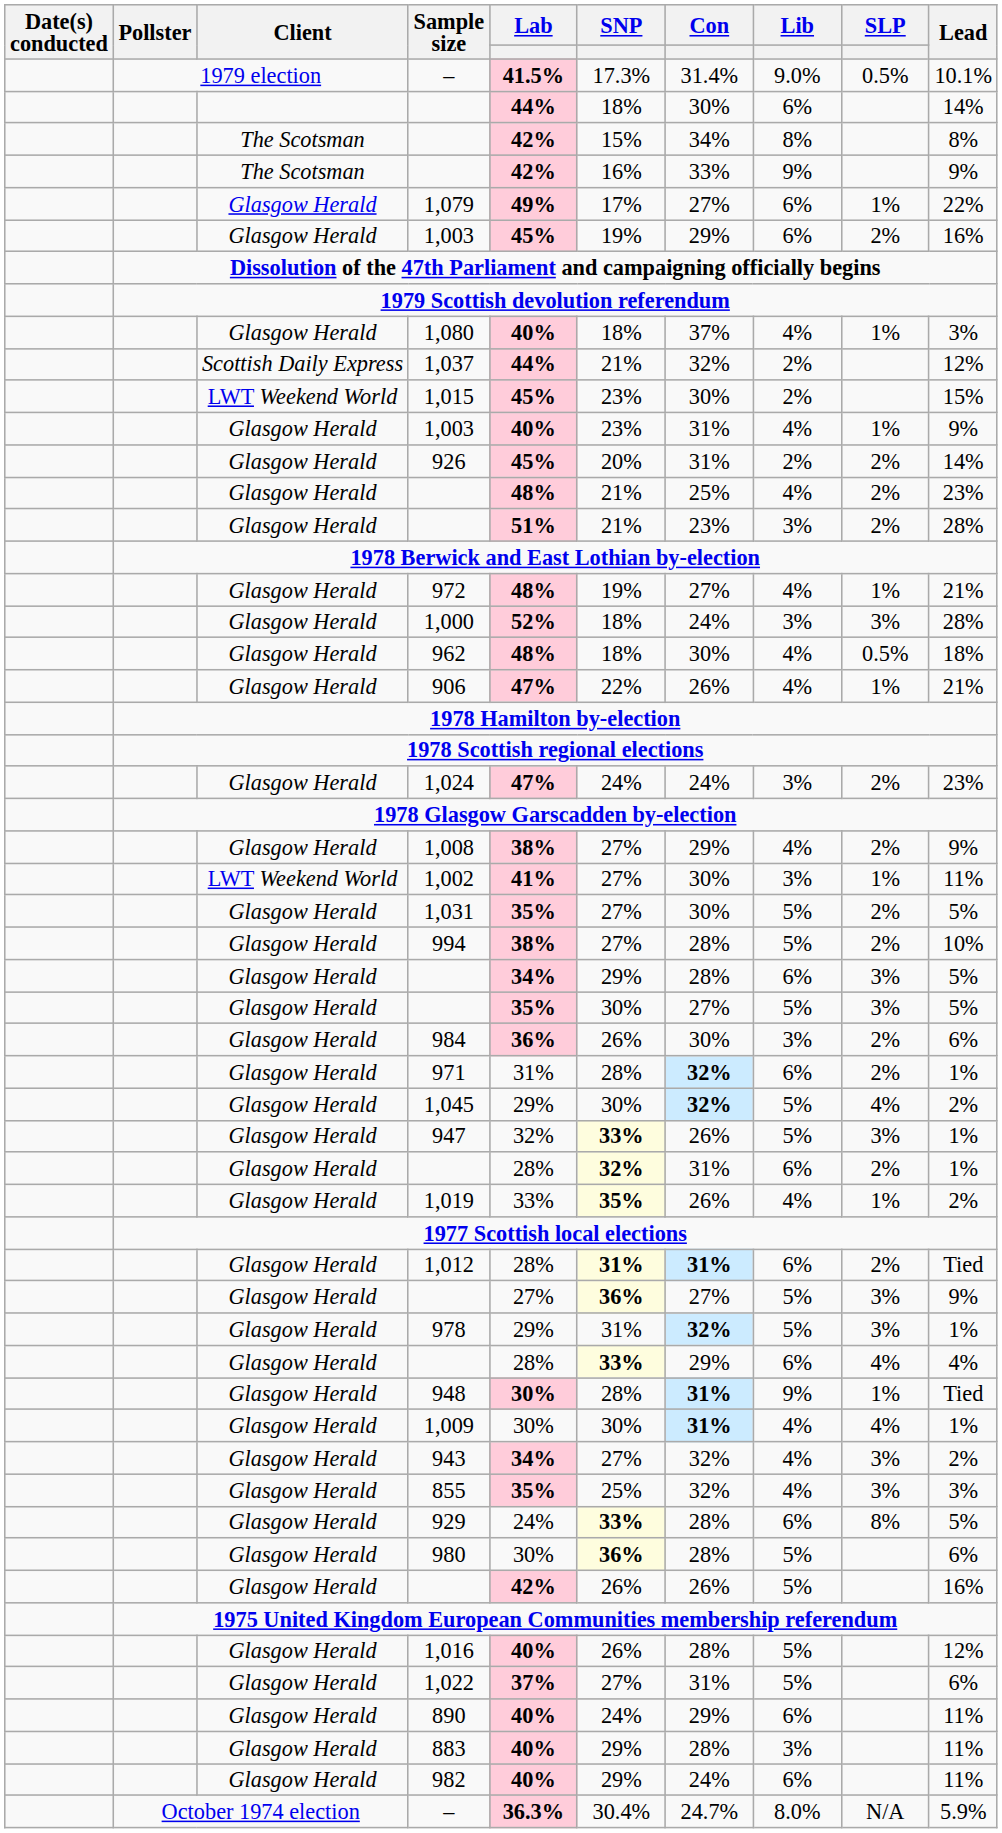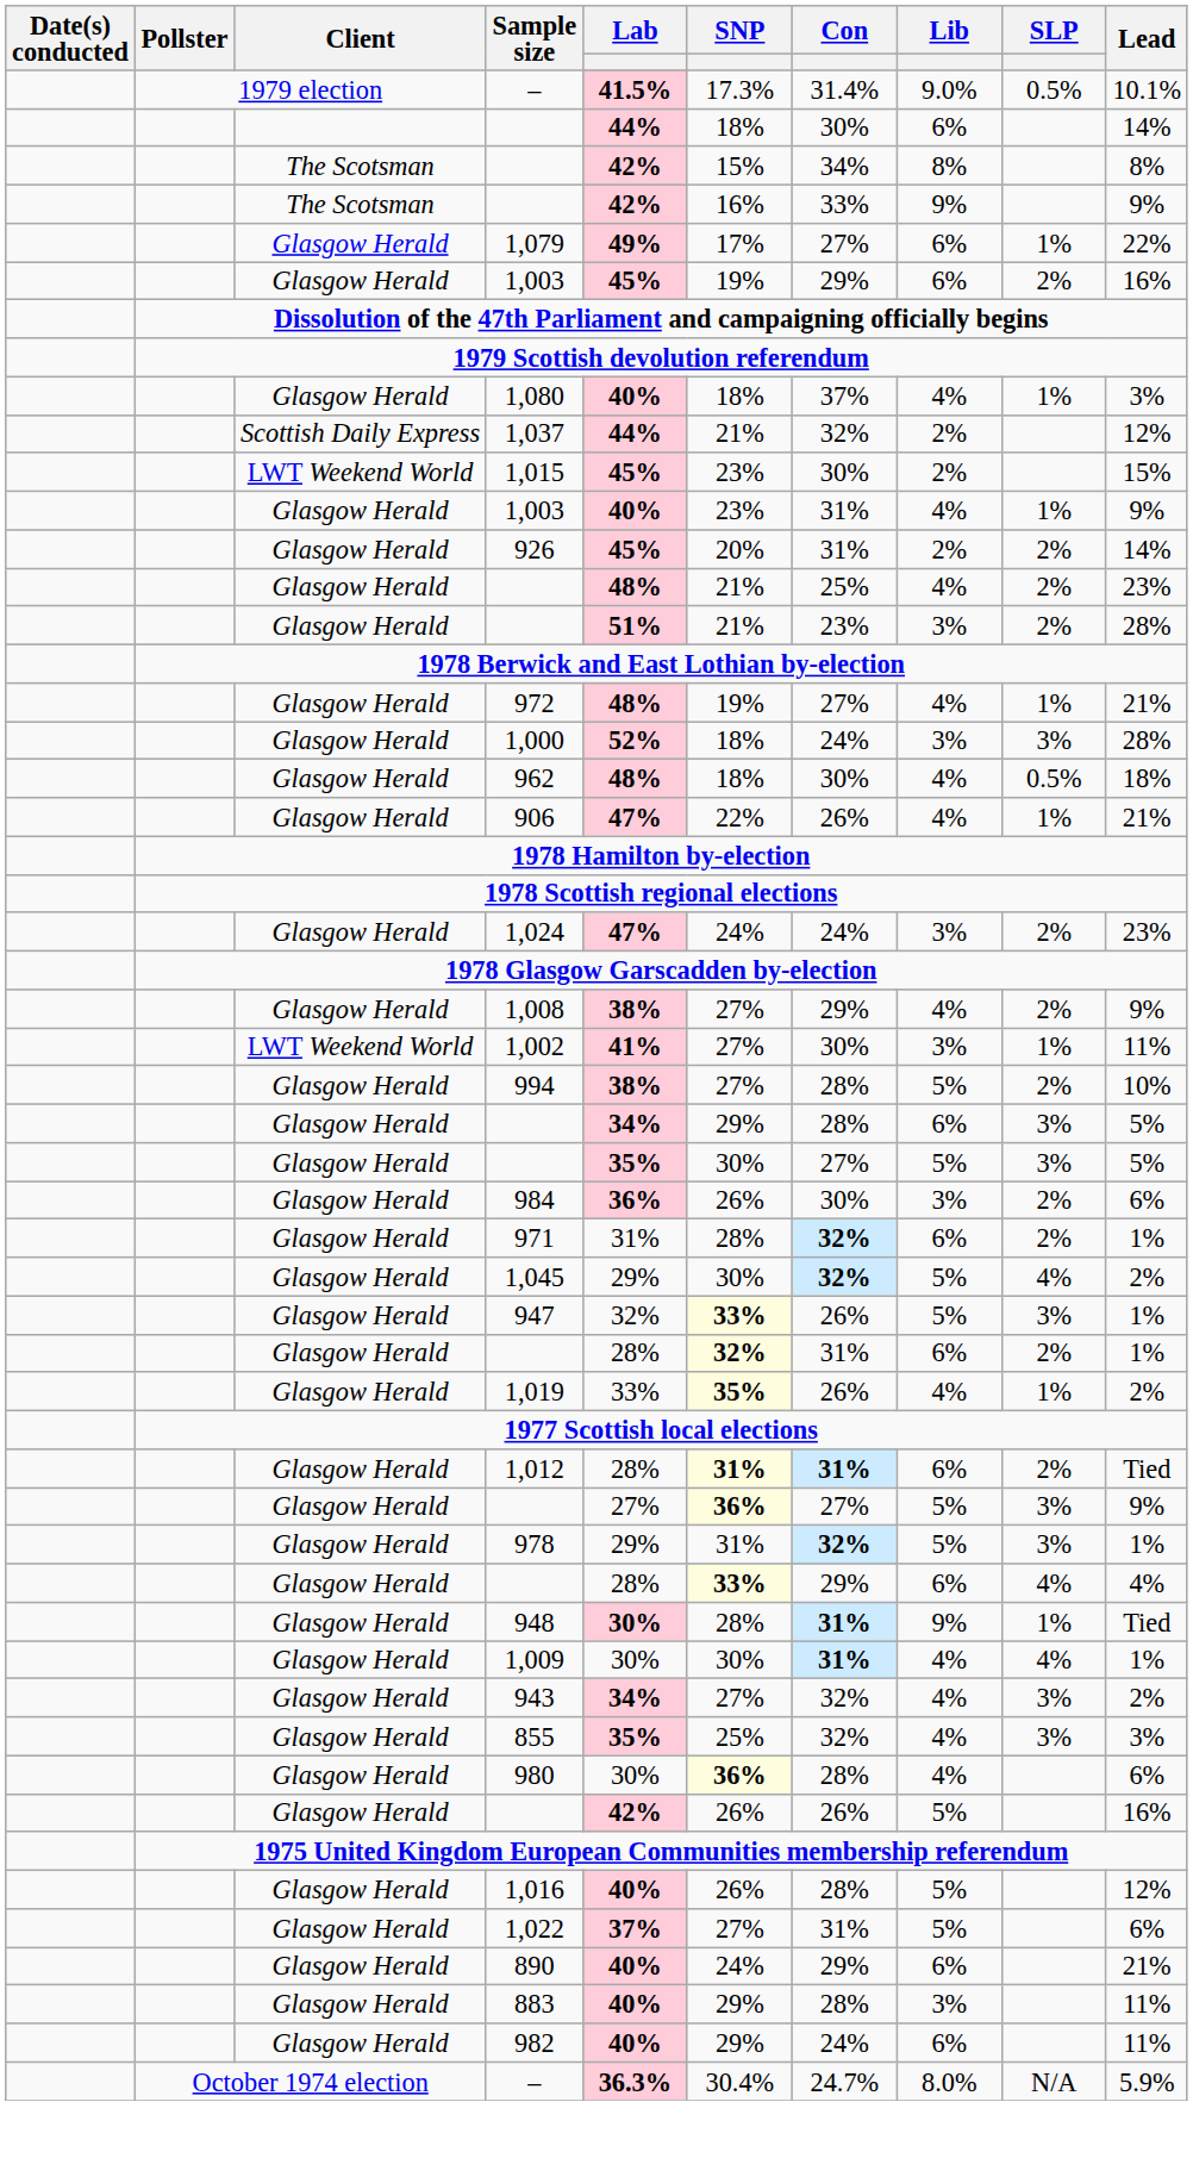 <table class="wikitable sortable mw-datatable" style="text-align:center;font-size:90%;line-height:14px;">
 <tr>
 <th rowspan="2">Date(s)<br>conducted</th>
 <th rowspan="2">Pollster</th>
 <th rowspan="2">Client</th>
 <th rowspan="2" data-sort-type="number">Sample<br>size</th>
 <th class="unsortable" style="width:50px;"><a href='#'>Lab</a></th>
 <th class="unsortable" style="width:50px;"><a href='#'>SNP</a></th>
 <th class="unsortable" style="width:50px;"><a href='#'>Con</a></th>
 <th class="unsortable" style="width:50px;"><a href='#'>Lib</a></th>
 <th class="unsortable" style="width:50px;"><a href='#'>SLP</a></th>
 <th rowspan="2" data-sort-type="number">Lead</th>
 </tr>
 <tr>
 <th data-sort-type="number" style="background:"></th>
 <th data-sort-type="number" style="background:"></th>
 <th data-sort-type="number" style="background:"></th>
 <th data-sort-type="number" style="background:"></th>
 <th data-sort-type="number" style="background:"></th>
 </tr>
 <tr>
 <td></td>
 <td colspan = "2"><a href='#'>1979 election</a></td>
 <td>–</td>
 <td style="background:#FFCCDA;"><strong>41.5%</strong></td>
 <td>17.3%</td>
 <td>31.4%</td>
 <td>9.0%</td>
 <td>0.5%</td>
 <td style="background:">10.1%</td>
 </tr>
 <tr>
 <td></td>
 <td></td>
 <td></td>
 <td></td>
 <td style="background:#FFCCDA;"><strong>44%</strong></td>
 <td>18%</td>
 <td>30%</td>
 <td>6%</td>
 <td></td>
 <td style="background:">14%</td>
 </tr>
 <tr>
 <td></td>
 <td></td>
 <td><em>The Scotsman</em></td>
 <td></td>
 <td style="background:#FFCCDA;"><strong>42%</strong></td>
 <td>15%</td>
 <td>34%</td>
 <td>8%</td>
 <td></td>
 <td style="background:">8%</td>
 </tr>
 <tr>
 <td></td>
 <td></td>
 <td><em>The Scotsman</em></td>
 <td></td>
 <td style="background:#FFCCDA;"><strong>42%</strong></td>
 <td>16%</td>
 <td>33%</td>
 <td>9%</td>
 <td></td>
 <td style="background:">9%</td>
 </tr>
 <tr>
 <td></td>
 <td></td>
 <td><em><a href='#'>Glasgow Herald</a></em></td>
 <td>1,079</td>
 <td style="background:#FFCCDA;"><strong>49%</strong></td>
 <td>17%</td>
 <td>27%</td>
 <td>6%</td>
 <td>1%</td>
 <td style="background:">22%</td>
 </tr>
 <tr>
 <td></td>
 <td></td>
 <td><em>Glasgow Herald</em></td>
 <td>1,003</td>
 <td style="background:#FFCCDA;"><strong>45%</strong></td>
 <td>19%</td>
 <td>29%</td>
 <td>6%</td>
 <td>2%</td>
 <td style="background:">16%</td>
 </tr>
 <tr>
 <td></td>
 <td colspan="9"><strong><a href='#'>Dissolution</a> of the <a href='#'>47th Parliament</a> and campaigning officially begins</strong></td>
 </tr>
 <tr>
 <td></td>
 <td colspan="9"><strong><a href='#'>1979 Scottish devolution referendum</a></strong></td>
 </tr>
 <tr>
 <td></td>
 <td></td>
 <td><em>Glasgow Herald</em></td>
 <td>1,080</td>
 <td style="background:#FFCCDA;"><strong>40%</strong></td>
 <td>18%</td>
 <td>37%</td>
 <td>4%</td>
 <td>1%</td>
 <td style="background:">3%</td>
 </tr>
 <tr>
 <td></td>
 <td></td>
 <td><em>Scottish Daily Express</em></td>
 <td>1,037</td>
 <td style="background:#FFCCDA;"><strong>44%</strong></td>
 <td>21%</td>
 <td>32%</td>
 <td>2%</td>
 <td></td>
 <td style="background:">12%</td>
 </tr>
 <tr>
 <td></td>
 <td></td>
 <td><a href='#'>LWT</a> <em>Weekend World</em></td>
 <td>1,015</td>
 <td style="background:#FFCCDA;"><strong>45%</strong></td>
 <td>23%</td>
 <td>30%</td>
 <td>2%</td>
 <td></td>
 <td style="background:">15%</td>
 </tr>
 <tr>
 <td></td>
 <td></td>
 <td><em>Glasgow Herald</em></td>
 <td>1,003</td>
 <td style="background:#FFCCDA;"><strong>40%</strong></td>
 <td>23%</td>
 <td>31%</td>
 <td>4%</td>
 <td>1%</td>
 <td style="background:">9%</td>
 </tr>
 <tr>
 <td></td>
 <td></td>
 <td><em>Glasgow Herald</em></td>
 <td>926</td>
 <td style="background:#FFCCDA;"><strong>45%</strong></td>
 <td>20%</td>
 <td>31%</td>
 <td>2%</td>
 <td>2%</td>
 <td style="background:">14%</td>
 </tr>
 <tr>
 <td></td>
 <td></td>
 <td><em>Glasgow Herald</em></td>
 <td></td>
 <td style="background:#FFCCDA;"><strong>48%</strong></td>
 <td>21%</td>
 <td>25%</td>
 <td>4%</td>
 <td>2%</td>
 <td style="background:">23%</td>
 </tr>
 <tr>
 <td></td>
 <td></td>
 <td><em>Glasgow Herald</em></td>
 <td></td>
 <td style="background:#FFCCDA;"><strong>51%</strong></td>
 <td>21%</td>
 <td>23%</td>
 <td>3%</td>
 <td>2%</td>
 <td style="background:">28%</td>
 </tr>
 <tr>
 <td></td>
 <td colspan="9"><strong><a href='#'>1978 Berwick and East Lothian by-election</a></strong></td>
 </tr>
 <tr>
 <td></td>
 <td></td>
 <td><em>Glasgow Herald</em></td>
 <td>972</td>
 <td style="background:#FFCCDA;"><strong>48%</strong></td>
 <td>19%</td>
 <td>27%</td>
 <td>4%</td>
 <td>1%</td>
 <td style="background:">21%</td>
 </tr>
 <tr>
 <td></td>
 <td></td>
 <td><em>Glasgow Herald</em></td>
 <td>1,000</td>
 <td style="background:#FFCCDA;"><strong>52%</strong></td>
 <td>18%</td>
 <td>24%</td>
 <td>3%</td>
 <td>3%</td>
 <td style="background:">28%</td>
 </tr>
 <tr>
 <td></td>
 <td></td>
 <td><em>Glasgow Herald</em></td>
 <td>962</td>
 <td style="background:#FFCCDA;"><strong>48%</strong></td>
 <td>18%</td>
 <td>30%</td>
 <td>4%</td>
 <td>0.5%</td>
 <td style="background:">18%</td>
 </tr>
 <tr>
 <td></td>
 <td></td>
 <td><em>Glasgow Herald</em></td>
 <td>906</td>
 <td style="background:#FFCCDA;"><strong>47%</strong></td>
 <td>22%</td>
 <td>26%</td>
 <td>4%</td>
 <td>1%</td>
 <td style="background:">21%</td>
 </tr>
 <tr>
 <td></td>
 <td colspan="9"><strong><a href='#'>1978 Hamilton by-election</a></strong></td>
 </tr>
 <tr>
 <td></td>
 <td colspan="9"><strong><a href='#'>1978 Scottish regional elections</a></strong></td>
 </tr>
 <tr>
 <td></td>
 <td></td>
 <td><em>Glasgow Herald</em></td>
 <td>1,024</td>
 <td style="background:#FFCCDA;"><strong>47%</strong></td>
 <td>24%</td>
 <td>24%</td>
 <td>3%</td>
 <td>2%</td>
 <td style="background:">23%</td>
 </tr>
 <tr>
 <td></td>
 <td colspan="9"><strong><a href='#'>1978 Glasgow Garscadden by-election</a></strong></td>
 </tr>
 <tr>
 <td></td>
 <td></td>
 <td><em>Glasgow Herald</em></td>
 <td>1,008</td>
 <td style="background:#FFCCDA;"><strong>38%</strong></td>
 <td>27%</td>
 <td>29%</td>
 <td>4%</td>
 <td>2%</td>
 <td style="background:">9%</td>
 </tr>
 <tr>
 <td></td>
 <td></td>
 <td><a href='#'>LWT</a> <em>Weekend World</em></td>
 <td>1,002</td>
 <td style="background:#FFCCDA;"><strong>41%</strong></td>
 <td>27%</td>
 <td>30%</td>
 <td>3%</td>
 <td>1%</td>
 <td style="background:">11%</td>
 </tr>
 <tr>
 <td></td>
 <td></td>
 <td><em>Glasgow Herald</em></td>
-<td>1,031</td>
-<td style="background:#FFCCDA;"><strong>35%</strong></td>
-<td>27%</td>
-<td>30%</td>
-<td>5%</td>
-<td>2%</td>
-<td style="background:">5%</td>
-</tr>
-<tr>
-<td></td>
-<td></td>
-<td><em>Glasgow Herald</em></td>
 <td>994</td>
 <td style="background:#FFCCDA;"><strong>38%</strong></td>
 <td>27%</td>
 <td>28%</td>
 <td>5%</td>
 <td>2%</td>
 <td style="background:">10%</td>
 </tr>
 <tr>
 <td></td>
 <td></td>
 <td><em>Glasgow Herald</em></td>
 <td></td>
 <td style="background:#FFCCDA;"><strong>34%</strong></td>
 <td>29%</td>
 <td>28%</td>
 <td>6%</td>
 <td>3%</td>
 <td style="background:">5%</td>
 </tr>
 <tr>
 <td></td>
 <td></td>
 <td><em>Glasgow Herald</em></td>
 <td></td>
 <td style="background:#FFCCDA;"><strong>35%</strong></td>
 <td>30%</td>
 <td>27%</td>
 <td>5%</td>
 <td>3%</td>
 <td style="background:">5%</td>
 </tr>
 <tr>
 <td></td>
 <td></td>
 <td><em>Glasgow Herald</em></td>
 <td>984</td>
 <td style="background:#FFCCDA;"><strong>36%</strong></td>
 <td>26%</td>
 <td>30%</td>
 <td>3%</td>
 <td>2%</td>
 <td style="background:">6%</td>
 </tr>
 <tr>
 <td></td>
 <td></td>
 <td><em>Glasgow Herald</em></td>
 <td>971</td>
 <td>31%</td>
 <td>28%</td>
 <td style="background:#CCEBFF;"><strong>32%</strong></td>
 <td>6%</td>
 <td>2%</td>
 <td style="background:">1%</td>
 </tr>
 <tr>
 <td></td>
 <td></td>
 <td><em>Glasgow Herald</em></td>
 <td>1,045</td>
 <td>29%</td>
 <td>30%</td>
 <td style="background:#CCEBFF;"><strong>32%</strong></td>
 <td>5%</td>
 <td>4%</td>
 <td style="background:">2%</td>
 </tr>
 <tr>
 <td></td>
 <td></td>
 <td><em>Glasgow Herald</em></td>
 <td>947</td>
 <td>32%</td>
 <td style="background:#FEFDDE;"><strong>33%</strong></td>
 <td>26%</td>
 <td>5%</td>
 <td>3%</td>
 <td style="background:">1%</td>
 </tr>
 <tr>
 <td></td>
 <td></td>
 <td><em>Glasgow Herald</em></td>
 <td></td>
 <td>28%</td>
 <td style="background:#FEFDDE;"><strong>32%</strong></td>
 <td>31%</td>
 <td>6%</td>
 <td>2%</td>
 <td style="background:">1%</td>
 </tr>
 <tr>
 <td></td>
 <td></td>
 <td><em>Glasgow Herald</em></td>
 <td>1,019</td>
 <td>33%</td>
 <td style="background:#FEFDDE;"><strong>35%</strong></td>
 <td>26%</td>
 <td>4%</td>
 <td>1%</td>
 <td style="background:">2%</td>
 </tr>
 <tr>
 <td></td>
 <td colspan="9"><strong><a href='#'>1977 Scottish local elections</a></strong></td>
 </tr>
 <tr>
 <td></td>
 <td></td>
 <td><em>Glasgow Herald</em></td>
 <td>1,012</td>
 <td>28%</td>
 <td style="background:#FEFDDE;"><strong>31%</strong></td>
 <td style="background:#CCEBFF;"><strong>31%</strong></td>
 <td>6%</td>
 <td>2%</td>
 <td>Tied</td>
 </tr>
 <tr>
 <td></td>
 <td></td>
 <td><em>Glasgow Herald</em></td>
 <td></td>
 <td>27%</td>
 <td style="background:#FEFDDE;"><strong>36%</strong></td>
 <td>27%</td>
 <td>5%</td>
 <td>3%</td>
 <td style="background:">9%</td>
 </tr>
 <tr>
 <td></td>
 <td></td>
 <td><em>Glasgow Herald</em></td>
 <td>978</td>
 <td>29%</td>
 <td>31%</td>
 <td style="background:#CCEBFF;"><strong>32%</strong></td>
 <td>5%</td>
 <td>3%</td>
 <td style="background:">1%</td>
 </tr>
 <tr>
 <td></td>
 <td></td>
 <td><em>Glasgow Herald</em></td>
 <td></td>
 <td>28%</td>
 <td style="background:#FEFDDE;"><strong>33%</strong></td>
 <td>29%</td>
 <td>6%</td>
 <td>4%</td>
 <td style="background:">4%</td>
 </tr>
 <tr>
 <td></td>
 <td></td>
 <td><em>Glasgow Herald</em></td>
 <td>948</td>
 <td style="background:#FFCCDA;"><strong>30%</strong></td>
 <td>28%</td>
 <td style="background:#CCEBFF;"><strong>31%</strong></td>
 <td>9%</td>
 <td>1%</td>
 <td>Tied</td>
 </tr>
 <tr>
 <td></td>
 <td></td>
 <td><em>Glasgow Herald</em></td>
 <td>1,009</td>
 <td>30%</td>
 <td>30%</td>
 <td style="background:#CCEBFF;"><strong>31%</strong></td>
 <td>4%</td>
 <td>4%</td>
 <td style="background:">1%</td>
 </tr>
 <tr>
 <td></td>
 <td></td>
 <td><em>Glasgow Herald</em></td>
 <td>943</td>
 <td style="background:#FFCCDA;"><strong>34%</strong></td>
 <td>27%</td>
 <td>32%</td>
 <td>4%</td>
 <td>3%</td>
 <td style="background:">2%</td>
 </tr>
 <tr>
 <td></td>
 <td></td>
 <td><em>Glasgow Herald</em></td>
 <td>855</td>
 <td style="background:#FFCCDA;"><strong>35%</strong></td>
 <td>25%</td>
 <td>32%</td>
 <td>4%</td>
 <td>3%</td>
 <td style="background:">3%</td>
 </tr>
 <tr>
 <td></td>
 <td></td>
 <td><em>Glasgow Herald</em></td>
-<td>929</td>
-<td>24%</td>
-<td style="background:#FEFDDE;"><strong>33%</strong></td>
-<td>28%</td>
-<td>6%</td>
-<td>8%</td>
-<td style="background:">5%</td>
-</tr>
-<tr>
-<td></td>
-<td></td>
-<td><em>Glasgow Herald</em></td>
 <td>980</td>
 <td>30%</td>
 <td style="background:#FEFDDE;"><strong>36%</strong></td>
 <td>28%</td>
-<td>5%</td>
+<td>4%</td>
 <td></td>
 <td style="background:">6%</td>
 </tr>
 <tr>
 <td></td>
 <td></td>
 <td><em>Glasgow Herald</em></td>
 <td></td>
 <td style="background:#FFCCDA;"><strong>42%</strong></td>
 <td>26%</td>
 <td>26%</td>
 <td>5%</td>
 <td></td>
 <td style="background:">16%</td>
 </tr>
 <tr>
 <td></td>
 <td colspan = "9"><strong><a href='#'>1975 United Kingdom European Communities membership referendum</a></strong></td>
 </tr>
 <tr>
 <td></td>
 <td></td>
 <td><em>Glasgow Herald</em></td>
 <td>1,016</td>
 <td style="background:#FFCCDA;"><strong>40%</strong></td>
 <td>26%</td>
 <td>28%</td>
 <td>5%</td>
 <td></td>
 <td style="background:">12%</td>
 </tr>
 <tr>
 <td></td>
 <td></td>
 <td><em>Glasgow Herald</em></td>
 <td>1,022</td>
 <td style="background:#FFCCDA;"><strong>37%</strong></td>
 <td>27%</td>
 <td>31%</td>
 <td>5%</td>
 <td></td>
 <td style="background:">6%</td>
 </tr>
 <tr>
 <td></td>
 <td></td>
 <td><em>Glasgow Herald</em></td>
 <td>890</td>
 <td style="background:#FFCCDA;"><strong>40%</strong></td>
 <td>24%</td>
 <td>29%</td>
 <td>6%</td>
 <td></td>
-<td style="background:">11%</td>
+<td style="background:">21%</td>
 </tr>
 <tr>
 <td></td>
 <td></td>
 <td><em>Glasgow Herald</em></td>
 <td>883</td>
 <td style="background:#FFCCDA;"><strong>40%</strong></td>
 <td>29%</td>
 <td>28%</td>
 <td>3%</td>
 <td></td>
 <td style="background:">11%</td>
 </tr>
 <tr>
 <td></td>
 <td></td>
 <td><em>Glasgow Herald</em></td>
 <td>982</td>
 <td style="background:#FFCCDA;"><strong>40%</strong></td>
 <td>29%</td>
 <td>24%</td>
 <td>6%</td>
 <td></td>
 <td style="background:">11%</td>
 </tr>
 <tr>
 <td></td>
 <td colspan = "2"><a href='#'>October 1974 election</a></td>
 <td>–</td>
 <td style="background:#FFCCDA;"><strong>36.3%</strong></td>
 <td>30.4%</td>
 <td>24.7%</td>
 <td>8.0%</td>
 <td>N/A</td>
 <td style="background:">5.9%</td>
 </tr>
 </table>
